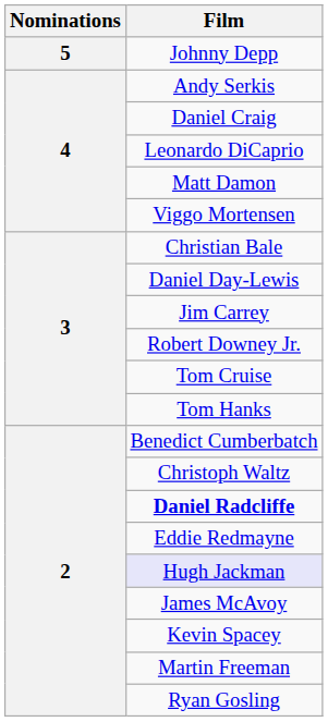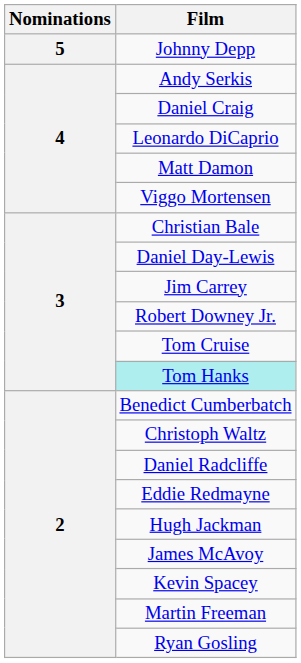 <table class="wikitable" style="text-align: center">
 <tr>
 <th scope="col" width="55">Nominations</th>
 <th scope="col">Film</th>
 </tr>
 <tr>
 <th scope="row">5</th>
 <td><a href='#'>Johnny Depp</a></td>
 </tr>
 <tr>
 <th scope="row" rowspan=5>4</th>
 <td><a href='#'>Andy Serkis</a></td>
 </tr>
 <tr>
 <td><a href='#'>Daniel Craig</a></td>
 </tr>
 <tr>
 <td><a href='#'>Leonardo DiCaprio</a></td>
 </tr>
 <tr>
 <td><a href='#'>Matt Damon</a></td>
 </tr>
 <tr>
 <td><a href='#'>Viggo Mortensen</a></td>
 </tr>
 <tr>
 <th scope="row" rowspan=6>3</th>
 <td><a href='#'>Christian Bale</a></td>
 </tr>
 <tr>
 <td><a href='#'>Daniel Day-Lewis</a></td>
 </tr>
 <tr>
 <td><a href='#'>Jim Carrey</a></td>
 </tr>
 <tr>
 <td><a href='#'>Robert Downey Jr.</a></td>
 </tr>
 <tr>
 <td><a href='#'>Tom Cruise</a></td>
 </tr>
 <tr>
-<td><a href='#'>Tom Hanks</a></td>
+<td style="background: paleturquoise;"><a href='#'>Tom Hanks</a></td>
 </tr>
 <tr>
 <th scope="row" rowspan=9>2</th>
 <td><a href='#'>Benedict Cumberbatch</a></td>
 </tr>
 <tr>
 <td><a href='#'>Christoph Waltz</a></td>
 </tr>
 <tr>
-<td><strong><a href='#'>Daniel Radcliffe</a></strong></td>
+<td><a href='#'>Daniel Radcliffe</a></td>
 </tr>
 <tr>
 <td><a href='#'>Eddie Redmayne</a></td>
 </tr>
 <tr>
-<td style="background: lavender;"><a href='#'>Hugh Jackman</a></td>
+<td><a href='#'>Hugh Jackman</a></td>
 </tr>
 <tr>
 <td><a href='#'>James McAvoy</a></td>
 </tr>
 <tr>
 <td><a href='#'>Kevin Spacey</a></td>
 </tr>
 <tr>
 <td><a href='#'>Martin Freeman</a></td>
 </tr>
 <tr>
 <td><a href='#'>Ryan Gosling</a></td>
 </tr>
 </table>
